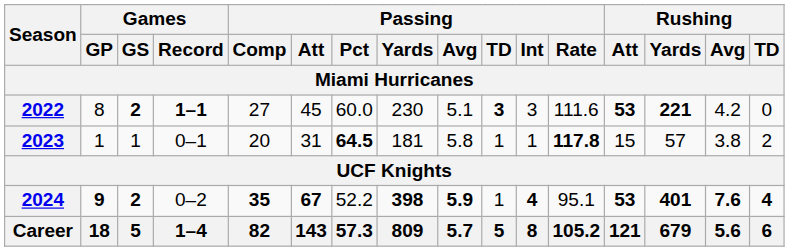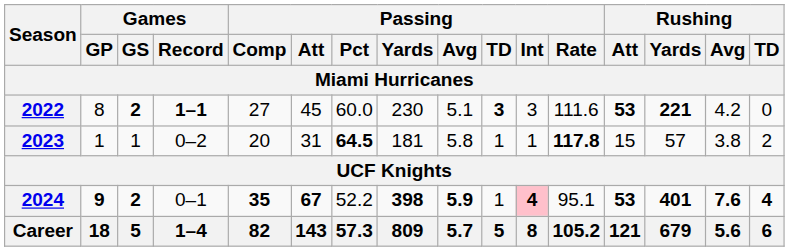 <table class="wikitable" style="text-align:center;">
 <tr>
 <th rowspan="2">Season</th>
 <th colspan="3">Games</th>
 <th colspan="8">Passing</th>
 <th colspan="5">Rushing</th>
 </tr>
 <tr>
 <th>GP</th>
 <th>GS</th>
 <th>Record</th>
 <th>Comp</th>
 <th>Att</th>
 <th>Pct</th>
 <th>Yards</th>
 <th>Avg</th>
 <th>TD</th>
 <th>Int</th>
 <th>Rate</th>
 <th>Att</th>
 <th>Yards</th>
 <th>Avg</th>
 <th>TD</th>
 </tr>
 <tr>
 <th colspan="17">Miami Hurricanes</th>
 </tr>
 <tr>
 <th><a href='#'>2022</a></th>
 <td>8</td>
 <td><strong>2</strong></td>
 <td><strong>1–1</strong></td>
 <td>27</td>
 <td>45</td>
 <td>60.0</td>
 <td>230</td>
 <td>5.1</td>
 <td><strong>3</strong></td>
 <td>3</td>
 <td>111.6</td>
 <td><strong>53</strong></td>
 <td><strong>221</strong></td>
 <td>4.2</td>
 <td>0</td>
 </tr>
 <tr>
 <th><a href='#'>2023</a></th>
 <td>1</td>
 <td>1</td>
-<td>0–1</td>
+<td>0–2</td>
 <td>20</td>
 <td>31</td>
 <td><strong>64.5</strong></td>
 <td>181</td>
 <td>5.8</td>
 <td>1</td>
 <td>1</td>
 <td><strong>117.8</strong></td>
 <td>15</td>
 <td>57</td>
 <td>3.8</td>
 <td>2</td>
 </tr>
 <tr>
 <th colspan="17">UCF Knights</th>
 </tr>
 <tr>
 <th><a href='#'>2024</a></th>
 <td><strong>9</strong></td>
 <td><strong>2</strong></td>
-<td>0–2</td>
+<td>0–1</td>
 <td><strong>35</strong></td>
 <td><strong>67</strong></td>
 <td>52.2</td>
 <td><strong>398</strong></td>
 <td><strong>5.9</strong></td>
 <td>1</td>
-<td><strong>4</strong></td>
+<td style="background: pink;"><strong>4</strong></td>
 <td>95.1</td>
 <td><strong>53</strong></td>
 <td><strong>401</strong></td>
 <td><strong>7.6</strong></td>
 <td><strong>4</strong></td>
 </tr>
 <tr>
 <th>Career</th>
 <th>18</th>
 <th>5</th>
 <th>1–4</th>
 <th>82</th>
 <th>143</th>
 <th>57.3</th>
 <th>809</th>
 <th>5.7</th>
 <th>5</th>
 <th>8</th>
 <th>105.2</th>
 <th>121</th>
 <th>679</th>
 <th>5.6</th>
 <th>6</th>
 </tr>
 </table>
